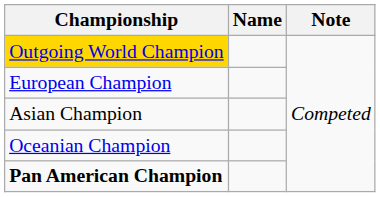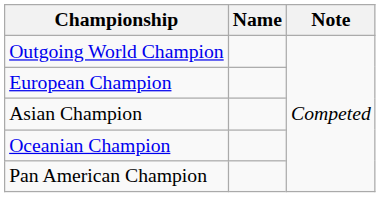 <table class="wikitable">
 <tr>
 <th>Championship</th>
 <th>Name</th>
 <th>Note</th>
 </tr>
 <tr>
-<td style="background: gold;"><a href='#'>Outgoing World Champion</a></td>
+<td><a href='#'>Outgoing World Champion</a></td>
 <td></td>
 <td rowspan=5><em>Competed</em></td>
 </tr>
 <tr>
 <td><a href='#'>European Champion</a></td>
 <td></td>
 </tr>
 <tr>
 <td>Asian Champion</td>
 <td></td>
 </tr>
 <tr>
 <td><a href='#'>Oceanian Champion</a></td>
 <td></td>
 </tr>
 <tr>
-<td><strong>Pan American Champion</strong></td>
+<td>Pan American Champion</td>
 <td></td>
 </tr>
 </table>
